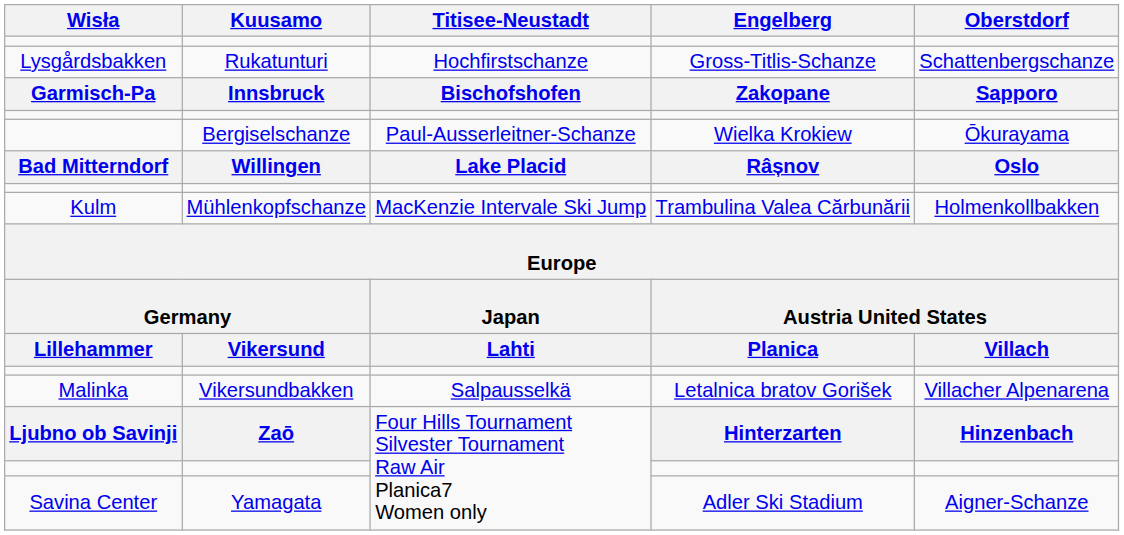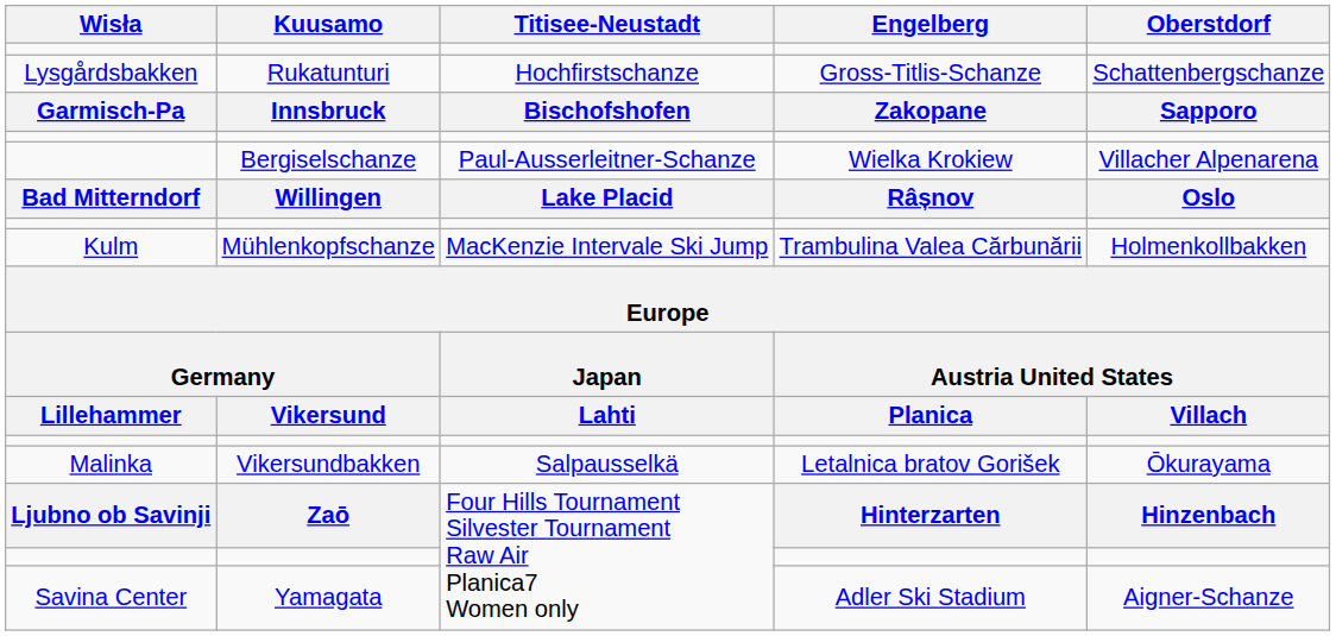 <table class="wikitable" style="text-align:center">
 <tr>
 <th> <a href='#'>Wisła</a></th>
 <th> <a href='#'>Kuusamo</a></th>
 <th> <a href='#'>Titisee-Neustadt</a></th>
 <th> <a href='#'>Engelberg</a></th>
 <th> <a href='#'>Oberstdorf</a></th>
 </tr>
 <tr>
 <td></td>
 <td></td>
 <td></td>
 <td></td>
 <td></td>
 </tr>
 <tr>
 <td><a href='#'>Lysgårdsbakken</a></td>
 <td><a href='#'>Rukatunturi</a></td>
 <td><a href='#'>Hochfirstschanze</a></td>
 <td><a href='#'>Gross-Titlis-Schanze</a></td>
 <td><a href='#'>Schattenbergschanze</a></td>
 </tr>
 <tr>
 <th> <a href='#'>Garmisch-Pa</a></th>
 <th> <a href='#'>Innsbruck</a></th>
 <th> <a href='#'>Bischofshofen</a></th>
 <th> <a href='#'>Zakopane</a></th>
 <th> <a href='#'>Sapporo</a></th>
 </tr>
 <tr>
 <td></td>
 <td></td>
 <td></td>
 <td></td>
 <td></td>
 </tr>
 <tr>
 <td></td>
 <td><a href='#'>Bergiselschanze</a></td>
 <td><a href='#'>Paul-Ausserleitner-Schanze</a></td>
 <td><a href='#'>Wielka Krokiew</a></td>
-<td><a href='#'>Ōkurayama</a></td>
+<td><a href='#'>Villacher Alpenarena</a></td>
 </tr>
 <tr>
 <th> <a href='#'>Bad Mitterndorf</a></th>
 <th> <a href='#'>Willingen</a></th>
 <th> <a href='#'>Lake Placid</a></th>
 <th> <a href='#'>Râșnov</a></th>
 <th> <a href='#'>Oslo</a></th>
 </tr>
 <tr>
 <td></td>
 <td></td>
 <td></td>
 <td></td>
 <td></td>
 </tr>
 <tr>
 <td><a href='#'>Kulm</a></td>
 <td><a href='#'>Mühlenkopfschanze</a></td>
 <td><a href='#'>MacKenzie Intervale Ski Jump</a></td>
 <td><a href='#'>Trambulina Valea Cărbunării</a></td>
 <td><a href='#'>Holmenkollbakken</a></td>
 </tr>
 <tr>
 <th colspan="5"><br>Europe </th>
 </tr>
 <tr>
 <th colspan=2><br>Germany </th>
 <th><br>Japan </th>
 <th colspan=2><br>Austria  United States </th>
 </tr>
 <tr>
 <th> <a href='#'>Lillehammer</a></th>
 <th> <a href='#'>Vikersund</a></th>
 <th> <a href='#'>Lahti</a></th>
 <th> <a href='#'>Planica</a></th>
 <th> <a href='#'>Villach</a></th>
 </tr>
 <tr>
 <td></td>
 <td></td>
 <td></td>
 <td></td>
 <td></td>
 </tr>
 <tr>
 <td><a href='#'>Malinka</a></td>
 <td><a href='#'>Vikersundbakken</a></td>
 <td><a href='#'>Salpausselkä</a></td>
 <td><a href='#'>Letalnica bratov Gorišek</a></td>
-<td><a href='#'>Villacher Alpenarena</a></td>
+<td><a href='#'>Ōkurayama</a></td>
 </tr>
 <tr>
 <th> <a href='#'>Ljubno ob Savinji</a></th>
 <th> <a href='#'>Zaō</a></th>
 <td rowspan=3 align=left> <a href='#'>Four Hills Tournament</a><br> <a href='#'>Silvester Tournament</a><br> <a href='#'>Raw Air</a><br> Planica7<br> Women only</td>
 <th> <a href='#'>Hinterzarten</a></th>
 <th> <a href='#'>Hinzenbach</a></th>
 </tr>
 <tr>
 <td></td>
 <td></td>
 <td></td>
 <td></td>
 </tr>
 <tr>
 <td><a href='#'>Savina Center</a></td>
 <td><a href='#'>Yamagata</a></td>
 <td><a href='#'>Adler Ski Stadium</a></td>
 <td><a href='#'>Aigner-Schanze</a></td>
 </tr>
 </table>
